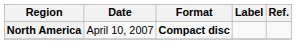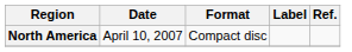 <table class="wikitable plainrowheaders">
 <tr>
 <th scope="col">Region</th>
 <th scope="col">Date</th>
 <th scope="col">Format</th>
 <th scope="col">Label</th>
 <th scope="col">Ref.</th>
 </tr>
 <tr>
 <th scope="row">North America</th>
 <td>April 10, 2007</td>
-<td><strong>Compact disc</strong></td>
+<td>Compact disc</td>
 <td></td>
 <td></td>
 </tr>
 <tr>
 </tr>
 </table>
